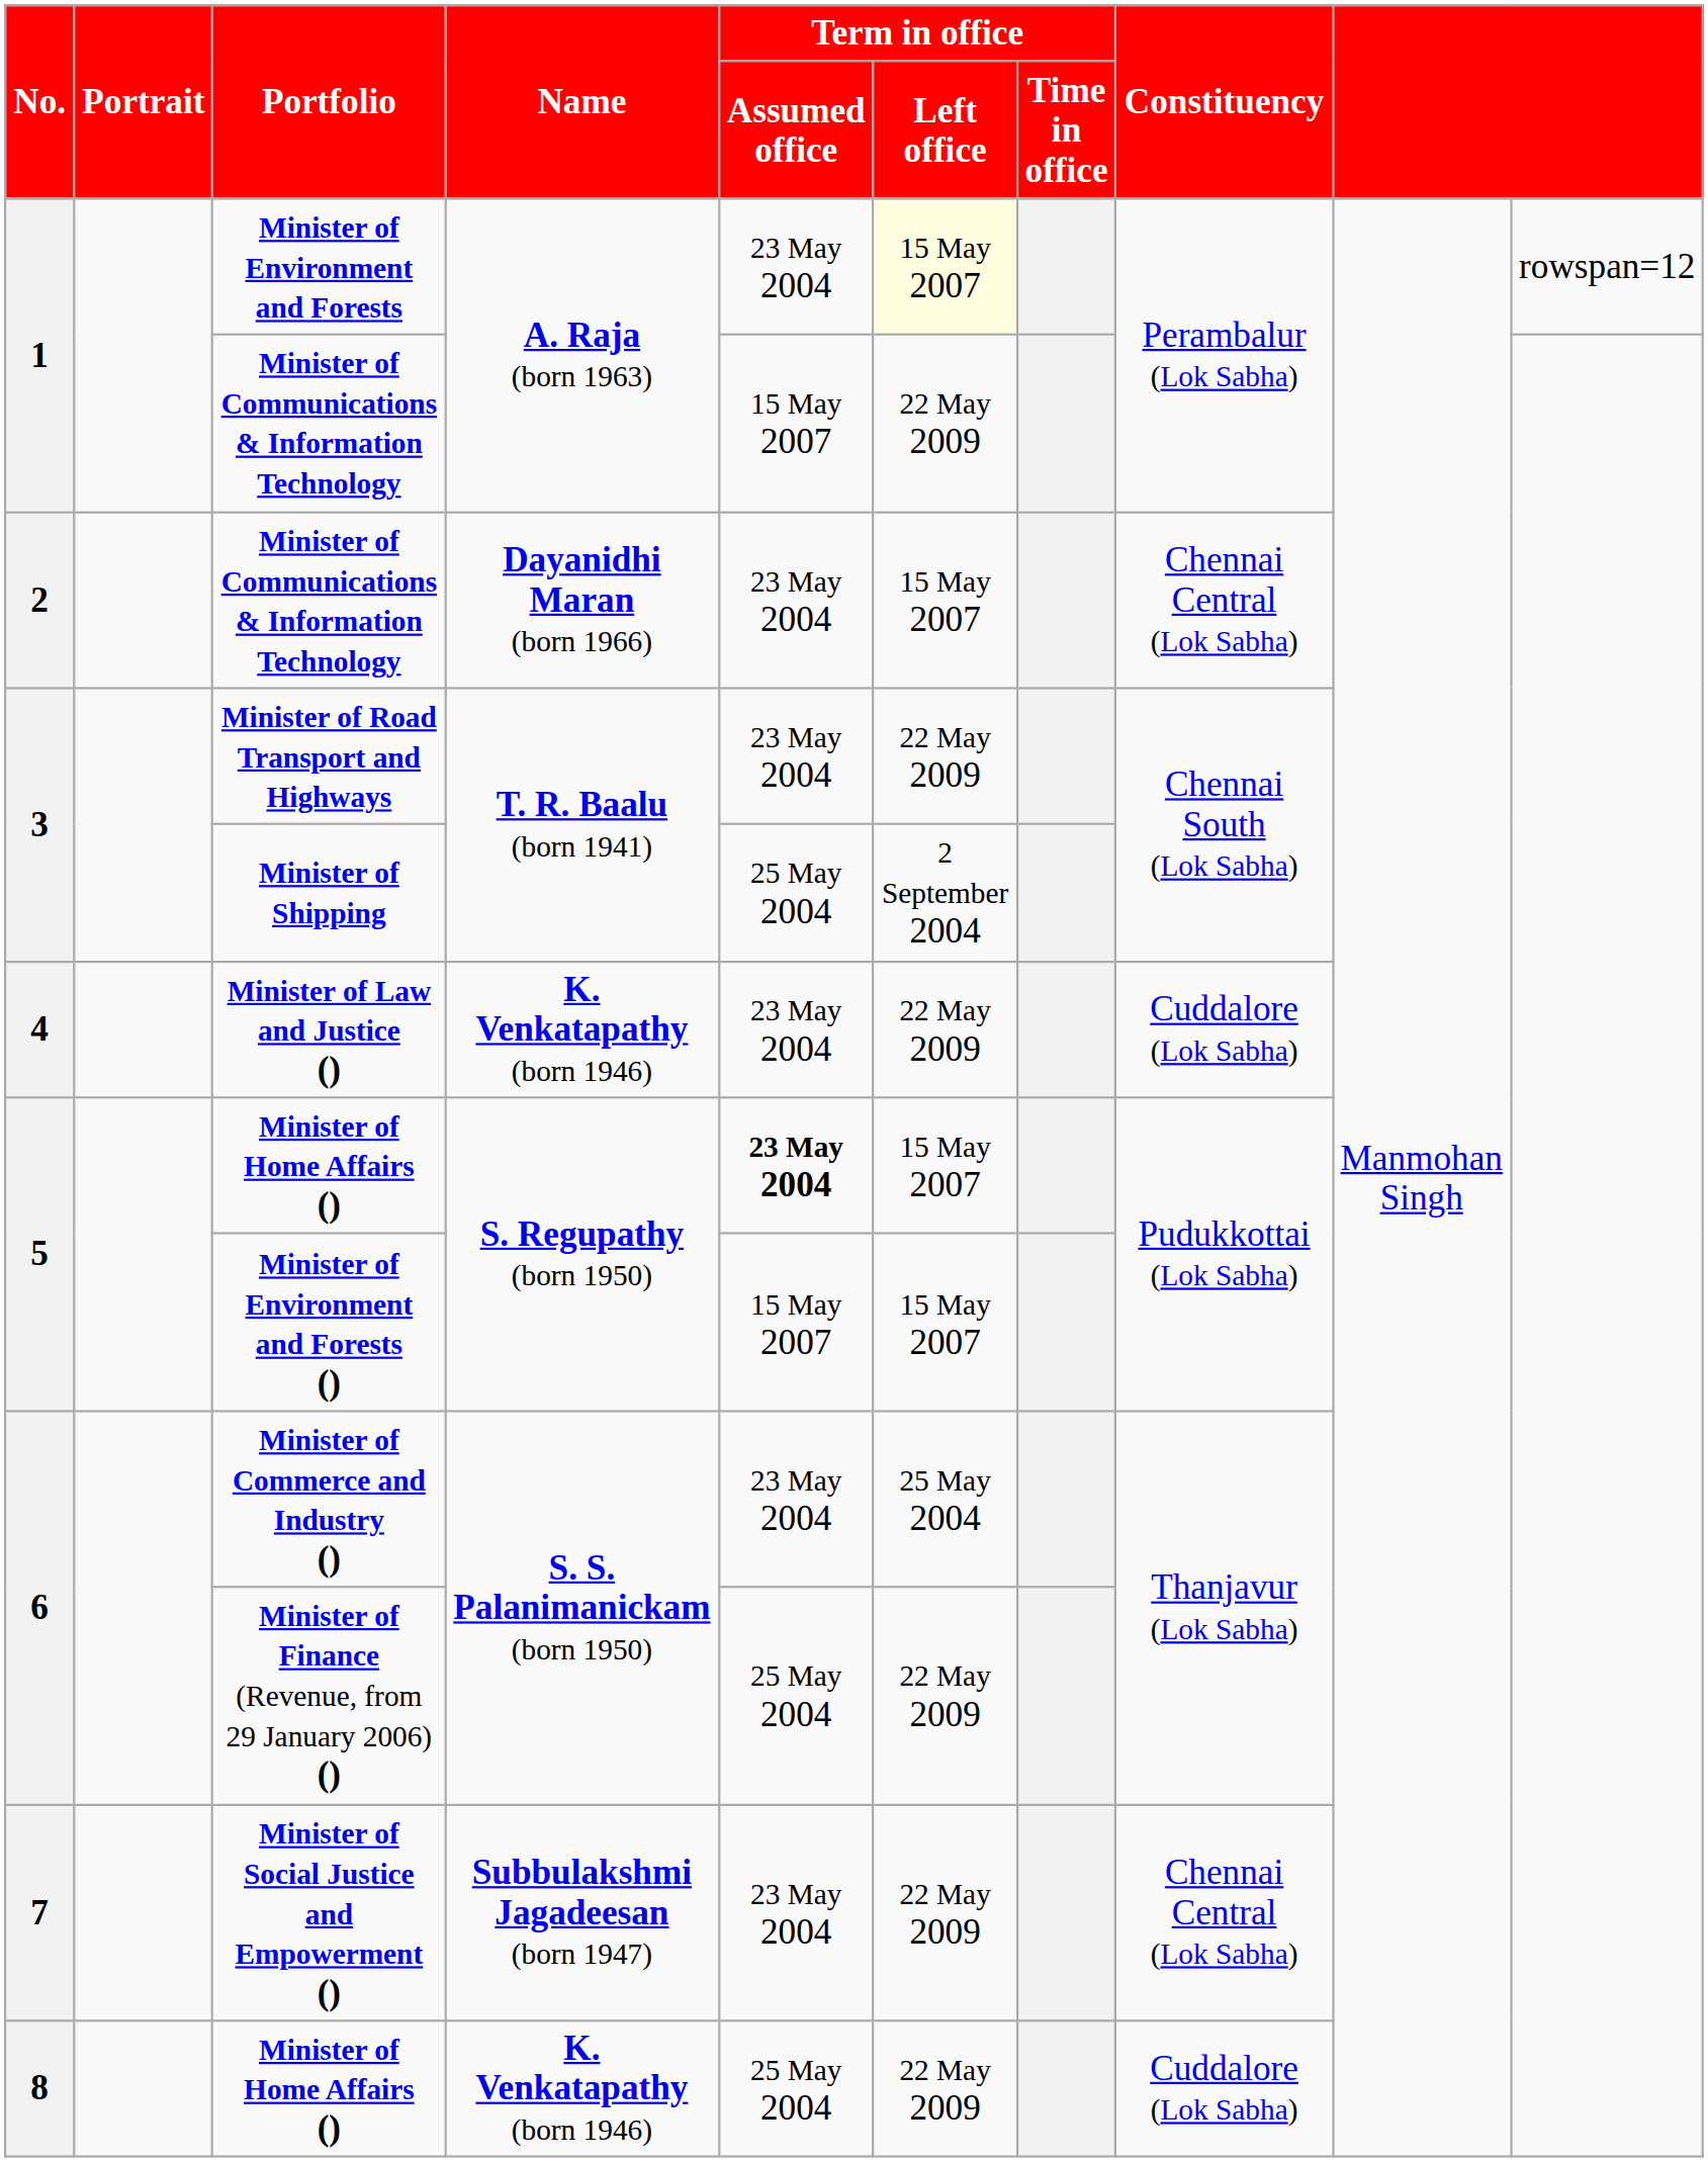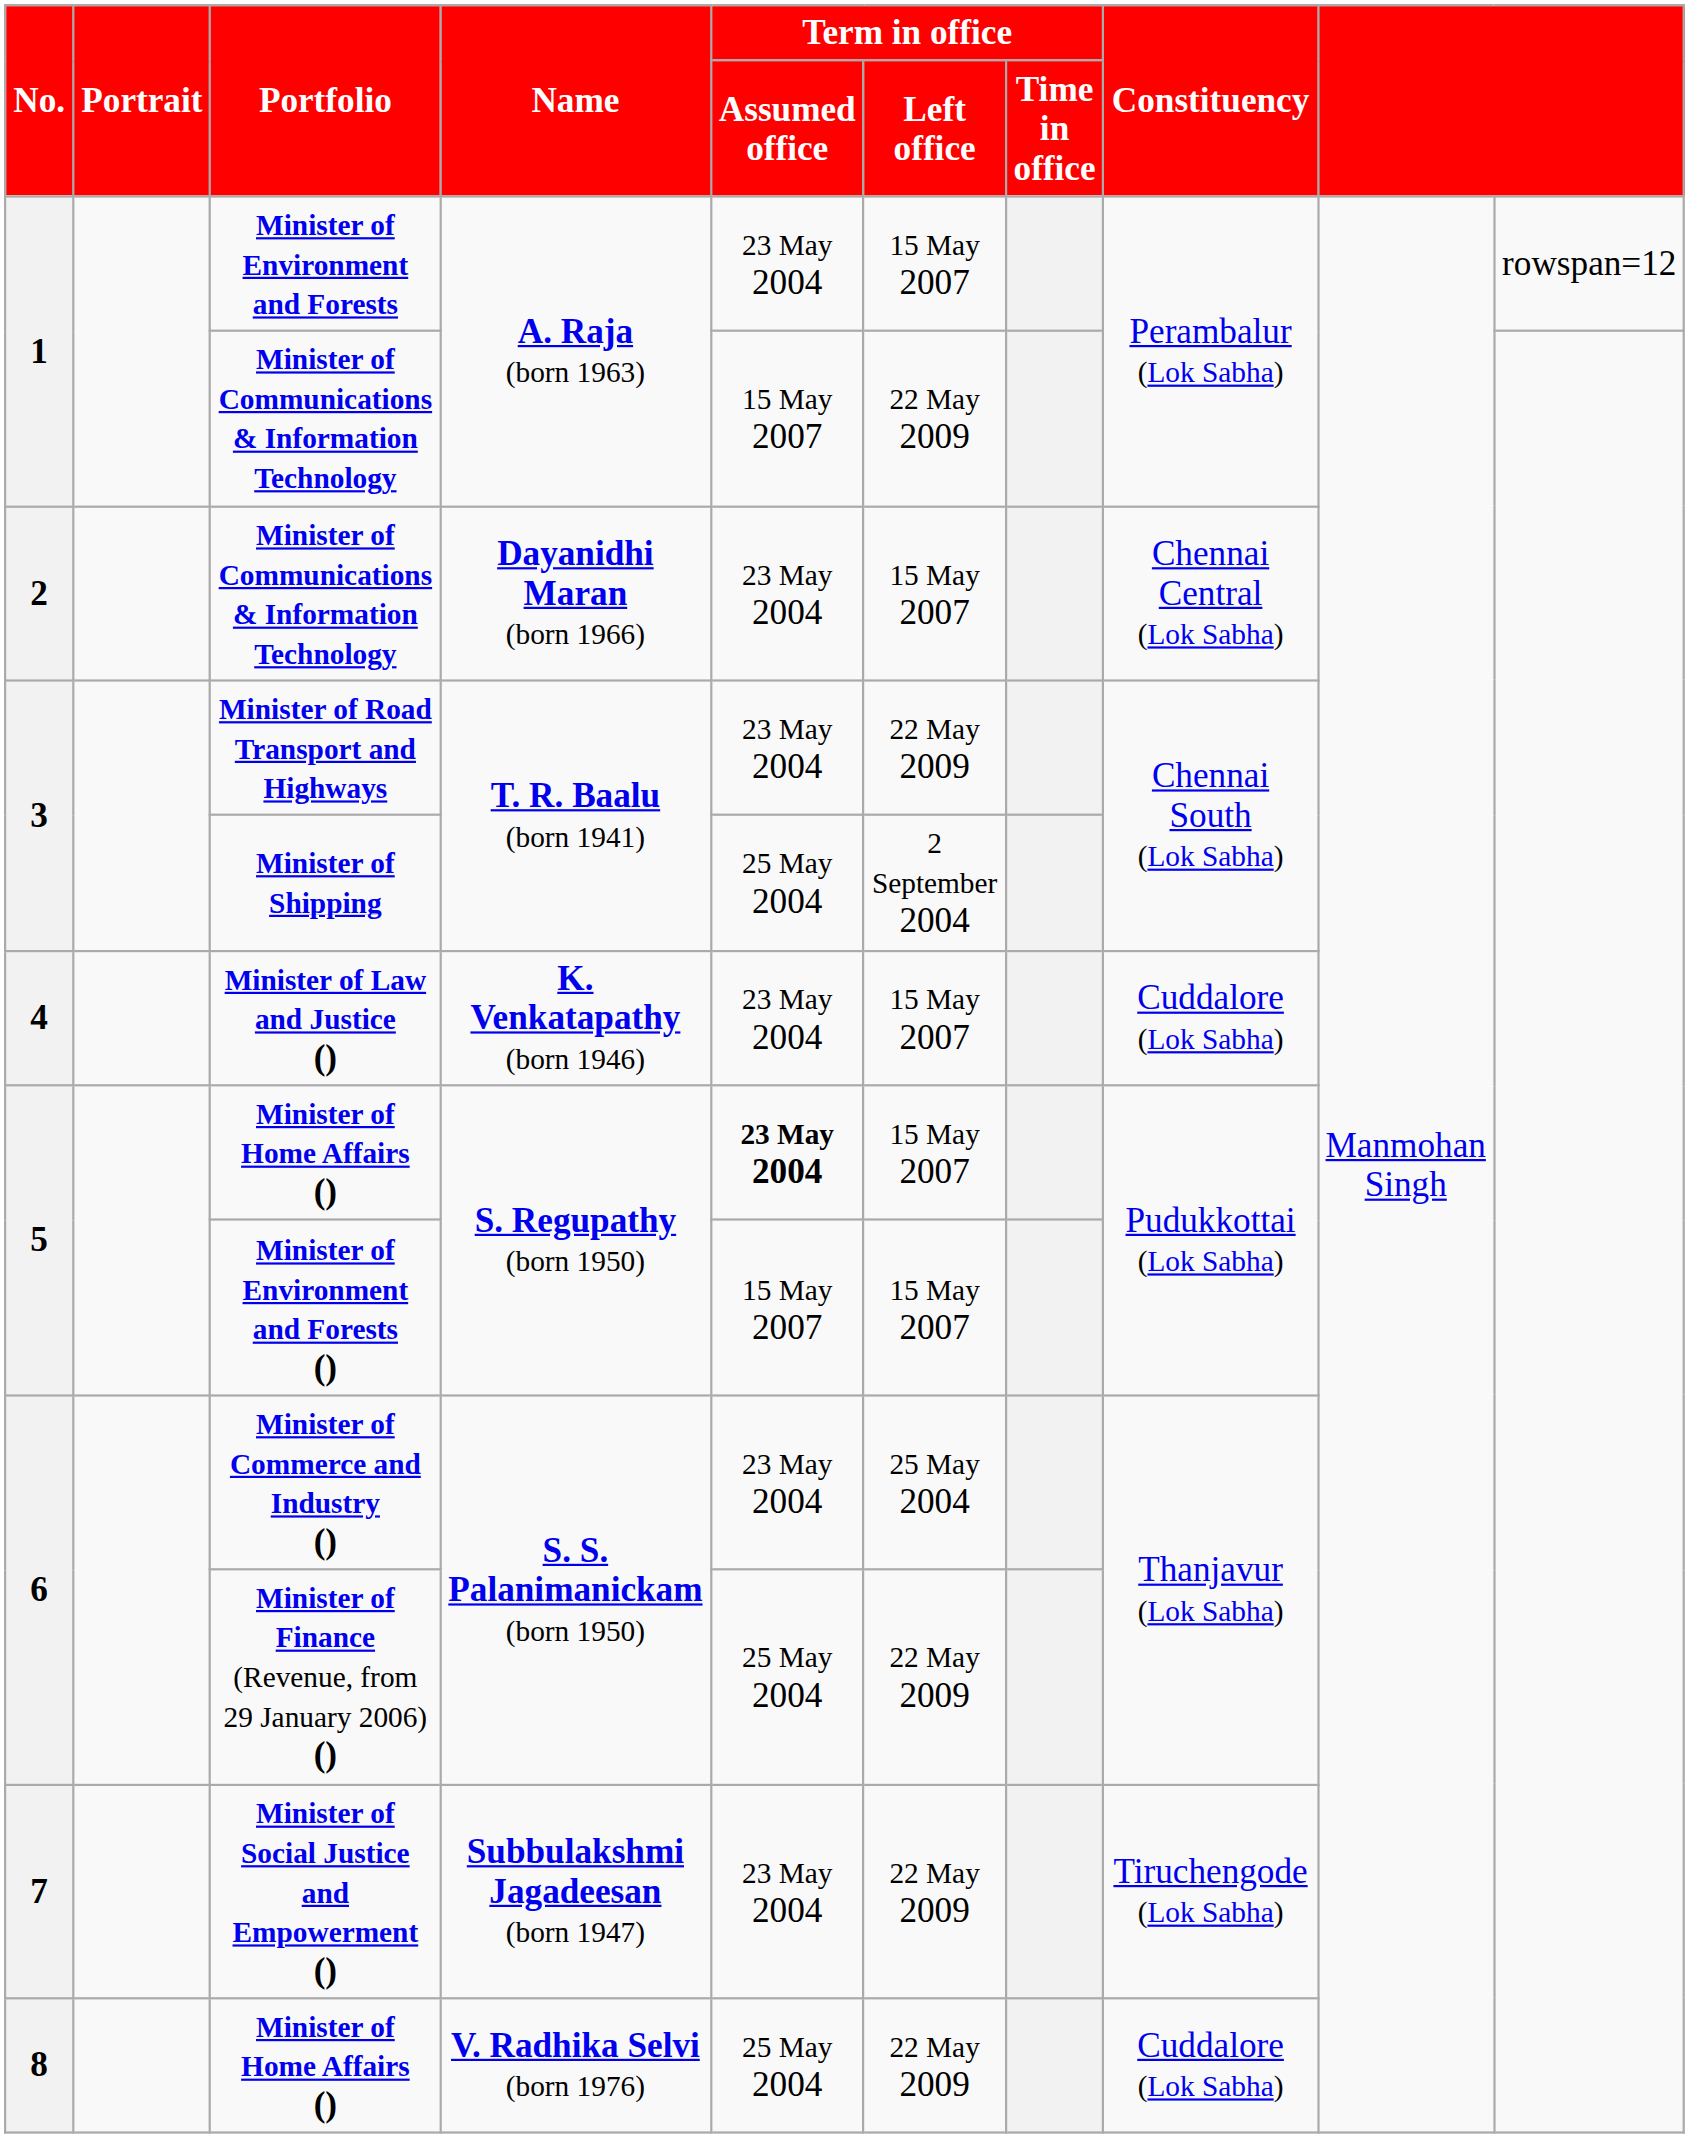 <table class="wikitable sortable" style="text-align:center;">
 <tr>
 <th rowspan=2 style="background-color:#ff0000;color:white">No.</th>
 <th rowspan=2 style="background-color:#ff0000;color:white">Portrait</th>
 <th rowspan=2 style="background-color:#ff0000;color:white">Portfolio</th>
 <th rowspan=2 style="background-color:#ff0000;color:white">Name<br></th>
 <th colspan=3 style="background-color:#ff0000;color:white">Term in office</th>
 <th rowspan=2 style="background-color:#ff0000;color:white">Constituency<br></th>
 <th rowspan=2 colspan=2 style="background-color:#ff0000;color:white"><a href='#'></a></th>
 </tr>
 <tr>
 <th style="background-color:#ff0000;color:white">Assumed office</th>
 <th style="background-color:#ff0000;color:white">Left office</th>
 <th style="background-color:#ff0000;color:white">Time in office</th>
 </tr>
 <tr>
 <th rowspan="2">1</th>
 <td rowspan="2"></td>
 <td><strong><small><a href='#'>Minister of Environment and Forests</a></small></strong></td>
 <td rowspan="2"><strong><a href='#'>A. Raja</a></strong><br><small>(born 1963)</small></td>
 <td><small>23 May</small><br>2004</td>
-<td style="background: lightyellow;"><small>15 May</small><br>2007</td>
+<td><small>15 May</small><br>2007</td>
 <th><strong></strong></th>
 <td rowspan="2"><a href='#'>Perambalur</a><br><small>(<a href='#'>Lok Sabha</a>)</small></td>
 <td rowspan=12><a href='#'>Manmohan Singh</a></td>
 <td>rowspan=12 </td>
 </tr>
 <tr>
 <td><strong><small><a href='#'>Minister of Communications & Information Technology</a></small></strong></td>
 <td><small>15 May</small><br>2007</td>
 <td><small>22 May</small><br>2009</td>
 <th><strong></strong></th>
 </tr>
 <tr>
 <th>2</th>
 <td></td>
 <td><strong><small><a href='#'>Minister of Communications & Information Technology</a></small></strong></td>
 <td><strong><a href='#'>Dayanidhi Maran</a></strong><br><small>(born 1966)</small></td>
 <td><small>23 May</small><br>2004</td>
 <td><small>15 May</small><br>2007</td>
 <th><strong></strong></th>
 <td><a href='#'>Chennai Central</a><br><small>(<a href='#'>Lok Sabha</a>)</small></td>
 </tr>
 <tr>
 <th rowspan="2">3</th>
 <td rowspan="2"></td>
 <td><strong><small><a href='#'>Minister of Road Transport and Highways</a></small></strong></td>
 <td rowspan="2"><strong><a href='#'>T. R. Baalu</a></strong><br><small>(born 1941)</small></td>
 <td><small>23 May</small><br>2004</td>
 <td><small>22 May</small><br>2009</td>
 <th><strong></strong></th>
 <td rowspan="2"><a href='#'>Chennai South</a><br><small>(<a href='#'>Lok Sabha</a>)</small></td>
 </tr>
 <tr>
 <td><strong><small><a href='#'>Minister of Shipping</a></small></strong></td>
 <td><small>25 May</small><br> 2004</td>
 <td><small>2 September</small><br>2004</td>
 <th><strong></strong></th>
 </tr>
 <tr>
 <th>4</th>
 <td></td>
 <td><strong><small><a href='#'>Minister of Law and Justice</a></small></strong><br><strong>()</strong></td>
 <td><strong><a href='#'>K. Venkatapathy</a></strong><br><small>(born 1946)</small></td>
 <td><small>23 May</small><br>2004</td>
-<td><small>22 May</small><br>2009</td>
+<td><small>15 May</small><br>2007</td>
 <th><strong></strong></th>
 <td><a href='#'>Cuddalore</a><br><small>(<a href='#'>Lok Sabha</a>)</small></td>
 </tr>
 <tr>
 <th rowspan="2">5</th>
 <td rowspan="2"></td>
 <td><strong><small><a href='#'>Minister of Home Affairs</a></small></strong><br><strong>()</strong></td>
 <td rowspan="2"><strong><a href='#'>S. Regupathy</a></strong><br><small>(born 1950)</small></td>
 <td><strong><small>23 May</small><br>2004</strong></td>
 <td><small>15 May</small><br>2007</td>
 <th><strong></strong></th>
 <td rowspan="2"><a href='#'>Pudukkottai</a><br><small>(<a href='#'>Lok Sabha</a>)</small></td>
 </tr>
 <tr>
 <td><strong><small><a href='#'>Minister of Environment and Forests</a></small></strong><br><strong>()</strong></td>
 <td><small>15 May</small><br>2007</td>
 <td><small>15 May</small><br>2007</td>
 <th><strong></strong></th>
 </tr>
 <tr>
 <th rowspan="2">6</th>
 <td rowspan="2"></td>
 <td><strong><small><a href='#'>Minister of Commerce and Industry</a></small></strong><br><strong>()</strong></td>
 <td rowspan="2"><strong><a href='#'>S. S. Palanimanickam</a></strong><br><small>(born 1950)</small></td>
 <td><small>23 May</small><br>2004</td>
 <td><small>25 May</small><br> 2004</td>
 <th><strong></strong></th>
 <td rowspan="2"><a href='#'>Thanjavur</a><br><small>(<a href='#'>Lok Sabha</a>)</small></td>
 </tr>
 <tr>
 <td><strong><small><a href='#'>Minister of Finance</a></small></strong><br><small>(Revenue, from 29 January 2006)</small><br><strong>()</strong></td>
 <td><small>25 May</small><br> 2004</td>
 <td><small>22 May</small><br>2009</td>
 <th><strong></strong></th>
 </tr>
 <tr>
 <th>7</th>
 <td></td>
 <td><strong><small><a href='#'>Minister of Social Justice and Empowerment</a></small></strong><br><strong>()</strong></td>
 <td><strong><a href='#'>Subbulakshmi Jagadeesan</a></strong><br><small>(born 1947)</small></td>
 <td><small>23 May</small><br>2004</td>
 <td><small>22 May</small><br>2009</td>
 <th><strong></strong></th>
-<td><a href='#'>Chennai Central</a><br><small>(<a href='#'>Lok Sabha</a>)</small></td>
+<td><a href='#'>Tiruchengode</a><br><small>(<a href='#'>Lok Sabha</a>)</small></td>
 </tr>
 <tr>
 <th>8</th>
 <td></td>
 <td><strong><small><a href='#'>Minister of Home Affairs</a></small></strong><br><strong>()</strong></td>
-<td><strong><a href='#'>K. Venkatapathy</a></strong><br><small>(born 1946)</small></td>
+<td><strong><a href='#'>V. Radhika Selvi</a></strong><br><small>(born 1976)</small></td>
 <td><small>25 May</small><br> 2004</td>
 <td><small>22 May</small><br>2009</td>
 <th><strong></strong></th>
 <td><a href='#'>Cuddalore</a><br><small>(<a href='#'>Lok Sabha</a>)</small></td>
 </tr>
 </table>
